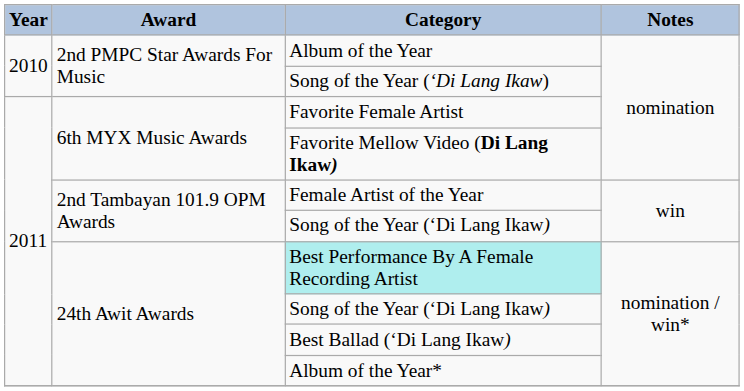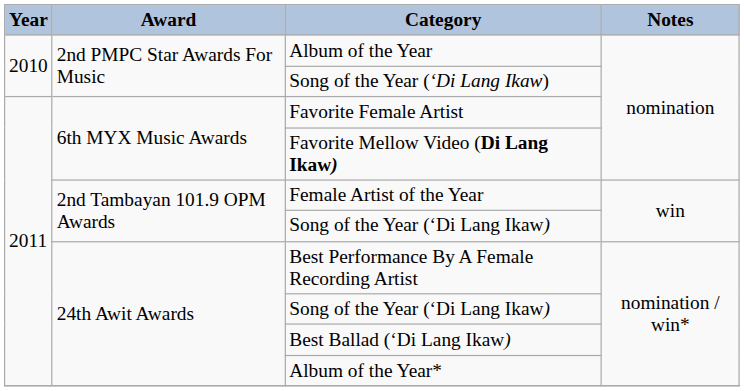 <table class="wikitable">
 <tr>
 <th style="background:#B0C4DE;">Year</th>
 <th style="background:#B0C4DE;">Award</th>
 <th style="background:#B0C4DE;">Category</th>
 <th style="background:#B0C4DE;">Notes</th>
 </tr>
 <tr>
 <td rowspan=2>2010</td>
 <td rowspan=2>2nd PMPC Star Awards For Music</td>
 <td>Album of the Year</td>
 <td rowspan=4 style="text-align:center;">nomination</td>
 </tr>
 <tr>
 <td>Song of the Year (<em>‘Di Lang Ikaw</em>)</td>
 </tr>
 <tr>
 <td rowspan=8>2011</td>
 <td rowspan=2>6th MYX Music Awards</td>
 <td>Favorite Female Artist</td>
 </tr>
 <tr>
 <td>Favorite Mellow Video (<strong>Di Lang Ikaw<em>)</td>
 </tr>
 <tr>
 <td rowspan=2>2nd Tambayan 101.9 OPM Awards</td>
 <td>Female Artist of the Year</td>
 <td rowspan=2 style="text-align:center;">win</td>
 </tr>
 <tr>
 <td>Song of the Year (</em>‘Di Lang Ikaw<em>)</td>
 </tr>
 <tr>
 <td rowspan=4>24th Awit Awards</td>
-<td style="background: paleturquoise;">Best Performance By A Female Recording Artist</td>
+<td>Best Performance By A Female Recording Artist</td>
 <td rowspan=4 style="text-align:center;">nomination / win*</td>
 </tr>
 <tr>
 <td>Song of the Year (</em>‘Di Lang Ikaw<em>)</td>
 </tr>
 <tr>
 <td>Best Ballad (</em>‘Di Lang Ikaw<em>)</td>
 </tr>
 <tr>
 <td>Album of the Year*</td>
 </tr>
 <tr>
 </tr>
 </table>
